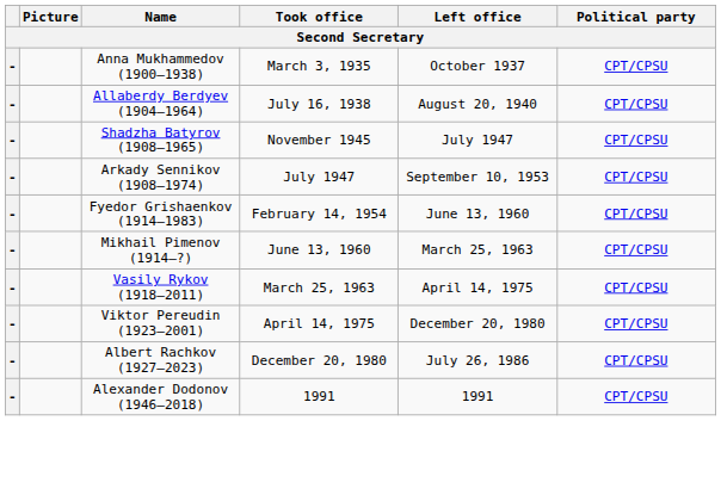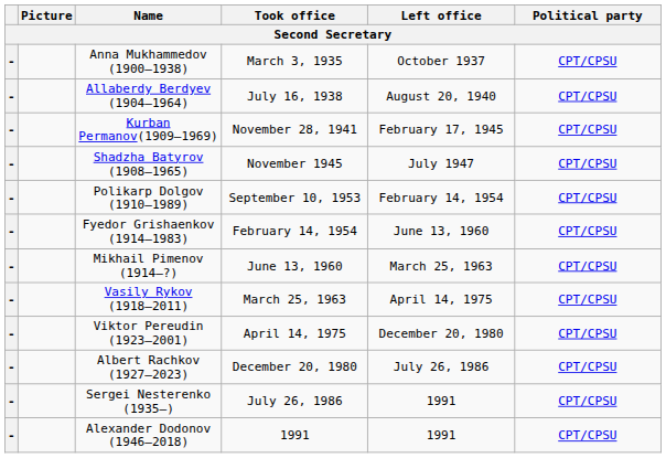 <table class="wikitable" style="text-align:center">
 <tr>
 <th></th>
 <th>Picture</th>
 <th width="150">Name<br></th>
 <th width="150">Took office</th>
 <th width="150">Left office</th>
 <th width="150">Political party</th>
 </tr>
 <tr>
 <th colspan="6" align="center">Second Secretary</th>
 </tr>
 <tr>
 <th style="background:">-</th>
 <td></td>
 <td>Anna Mukhammedov (1900–1938)</td>
 <td>March 3, 1935</td>
 <td>October 1937</td>
 <td><a href='#'>CPT/CPSU</a></td>
 </tr>
 <tr>
 <th style="background:">-</th>
 <td></td>
 <td><a href='#'>Allaberdy Berdyev</a> (1904–1964)</td>
 <td>July 16, 1938</td>
 <td>August 20, 1940</td>
 <td><a href='#'>CPT/CPSU</a></td>
 </tr>
 <tr>
 <th style="background:">-</th>
 <td></td>
+<td><a href='#'>Kurban Permanov</a>(1909–1969)</td>
+<td>November 28, 1941</td>
+<td>February 17, 1945</td>
+<td><a href='#'>CPT/CPSU</a></td>
+</tr>
+<tr>
+<th style="background:">-</th>
+<td></td>
 <td><a href='#'>Shadzha Batyrov</a><br>(1908–1965)</td>
 <td>November 1945</td>
 <td>July 1947</td>
 <td><a href='#'>CPT/CPSU</a></td>
 </tr>
 <tr>
 <th style="background:">-</th>
 <td></td>
-<td>Arkady Sennikov (1908–1974)</td>
-<td>July 1947</td>
+<td>Polikarp Dolgov (1910–1989)</td>
 <td>September 10, 1953</td>
+<td>February 14, 1954</td>
 <td><a href='#'>CPT/CPSU</a></td>
 </tr>
 <tr>
 <th style="background:">-</th>
 <td></td>
 <td>Fyedor Grishaenkov (1914–1983)</td>
 <td>February 14, 1954</td>
 <td>June 13, 1960</td>
 <td><a href='#'>CPT/CPSU</a></td>
 </tr>
 <tr>
 <th style="background:">-</th>
 <td></td>
 <td>Mikhail Pimenov (1914–?)</td>
 <td>June 13, 1960</td>
 <td>March 25, 1963</td>
 <td><a href='#'>CPT/CPSU</a></td>
 </tr>
 <tr>
 <th style="background:">-</th>
 <td></td>
 <td><a href='#'>Vasily Rykov</a><br>(1918–2011)</td>
 <td>March 25, 1963</td>
 <td>April 14, 1975</td>
 <td><a href='#'>CPT/CPSU</a></td>
 </tr>
 <tr>
 <th style="background:">-</th>
 <td></td>
 <td>Viktor Pereudin (1923–2001)</td>
 <td>April 14, 1975</td>
 <td>December 20, 1980</td>
 <td><a href='#'>CPT/CPSU</a></td>
 </tr>
 <tr>
 <th style="background:">-</th>
 <td></td>
 <td>Albert Rachkov<br>(1927–2023)</td>
 <td>December 20, 1980</td>
 <td>July 26, 1986</td>
 <td><a href='#'>CPT/CPSU</a></td>
 </tr>
 <tr>
 <th style="background:">-</th>
 <td></td>
+<td>Sergei Nesterenko<br>(1935–)</td>
+<td>July 26, 1986</td>
+<td>1991</td>
+<td><a href='#'>CPT/CPSU</a></td>
+</tr>
+<tr>
+<th style="background:">-</th>
+<td></td>
 <td>Alexander Dodonov (1946–2018)</td>
 <td>1991</td>
 <td>1991</td>
 <td><a href='#'>CPT/CPSU</a></td>
 </tr>
 </table>
